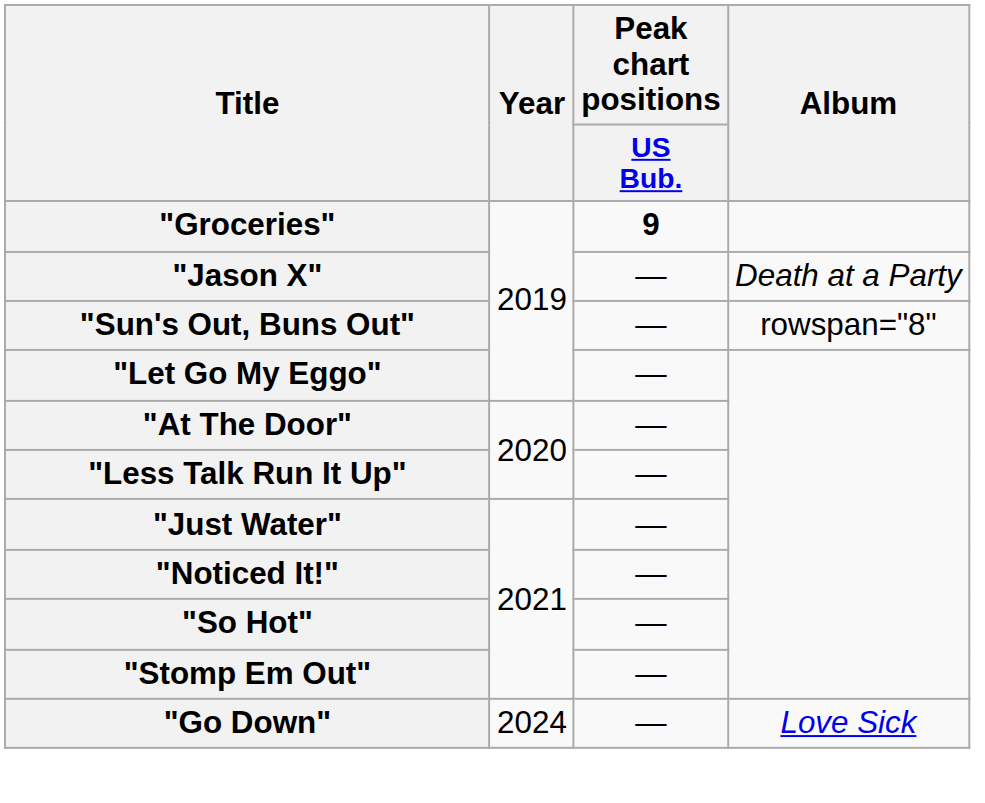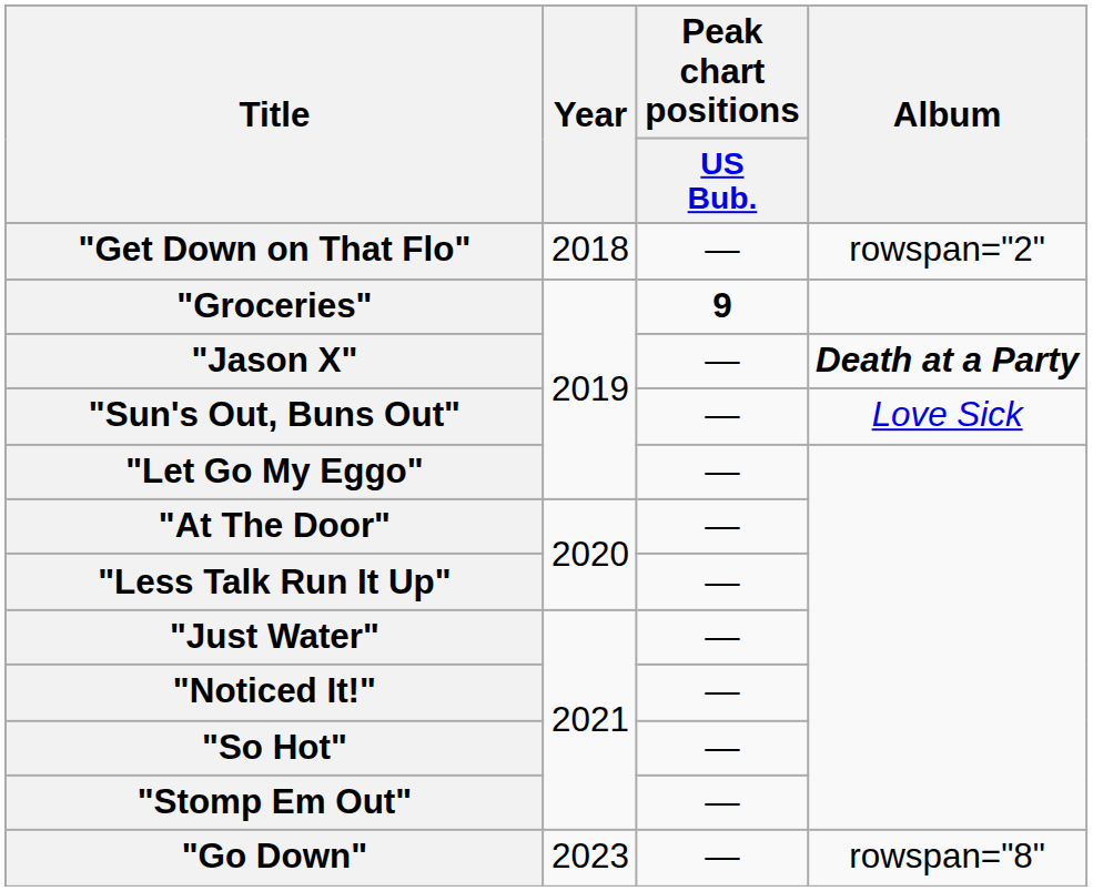 <table class="wikitable plainrowheaders" style="text-align:center;">
 <tr>
 <th scope="col" style="width:15em;" rowspan="2">Title</th>
 <th scope="col" rowspan="2">Year</th>
 <th scope="col">Peak chart positions</th>
 <th scope="col" rowspan="2">Album</th>
 </tr>
 <tr>
 <th scope="col" style="width:2.5em;font-size:90%;"><a href='#'>US<br>Bub.</a><br></th>
 </tr>
 <tr>
+<th scope="row">"Get Down on That Flo"<br></th>
+<td>2018</td>
+<td>—</td>
+<td>rowspan="2" </td>
+</tr>
+<tr>
 <th scope="row">"Groceries"<br></th>
 <td rowspan="4">2019</td>
 <td><strong>9</strong></td>
 </tr>
 <tr>
 <th scope="row">"Jason X"<br></th>
 <td>—</td>
-<td><em>Death at a Party</em></td>
+<td><strong><em>Death at a Party</em></strong></td>
 </tr>
 <tr>
 <th scope="row">"Sun's Out, Buns Out"<br></th>
 <td>—</td>
-<td>rowspan="8" </td>
+<td><em><a href='#'>Love Sick</a></em></td>
 </tr>
 <tr>
 <th scope="row">"Let Go My Eggo"<br></th>
 <td>—</td>
 </tr>
 <tr>
 <th scope="row">"At The Door"<br></th>
 <td rowspan="2">2020</td>
 <td>—</td>
 </tr>
 <tr>
 <th scope="row">"Less Talk Run It Up"<br></th>
 <td>—</td>
 </tr>
 <tr>
 <th scope="row">"Just Water"<br></th>
 <td rowspan="4">2021</td>
 <td>—</td>
 </tr>
 <tr>
 <th scope="row">"Noticed It!"<br></th>
 <td>—</td>
 </tr>
 <tr>
 <th scope="row">"So Hot"<br></th>
 <td>—</td>
 </tr>
 <tr>
 <th scope="row">"Stomp Em Out"<br></th>
 <td>—</td>
 </tr>
 <tr>
 <th scope="row">"Go Down"<br></th>
-<td>2024</td>
+<td>2023</td>
 <td>—</td>
-<td><em><a href='#'>Love Sick</a></em></td>
+<td>rowspan="8" </td>
 </tr>
 </table>
